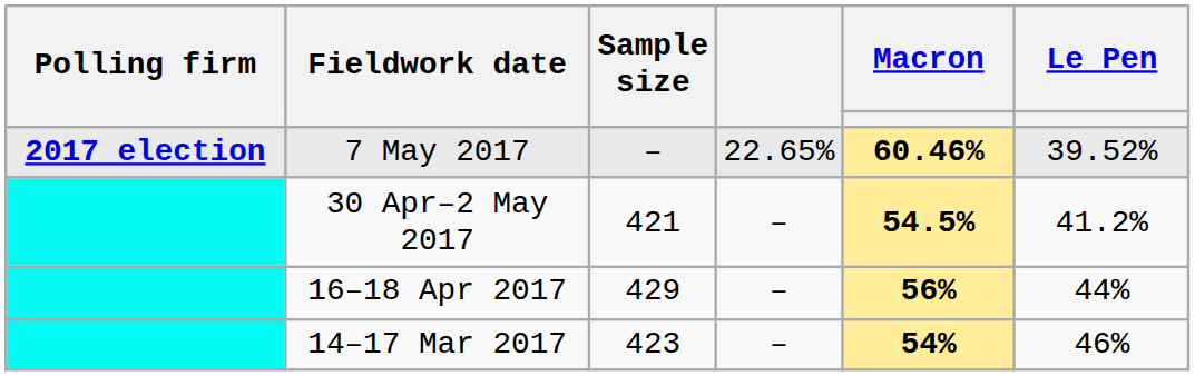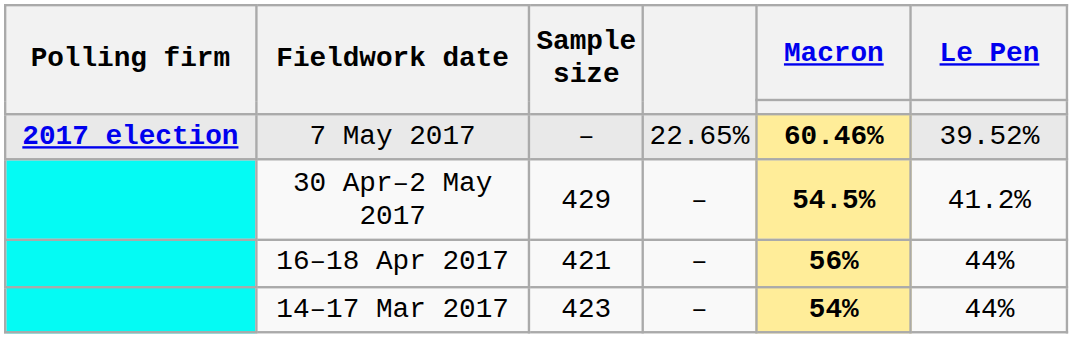 <table class="wikitable sortable" style="text-align:center;font-size:90%;line-height:14px;">
 <tr style="height:40px;">
 <th style="width:100px;" rowspan="2">Polling firm</th>
 <th style="width:110px;" rowspan="2">Fieldwork date</th>
 <th style="width:35px;" rowspan="2">Sample<br>size</th>
 <th style="width:30px;" rowspan="2"></th>
 <th class="unsortable" style="width:60px;"><a href='#'>Macron</a><br></th>
 <th class="unsortable" style="width:60px;"><a href='#'>Le Pen</a><br></th>
 </tr>
 <tr>
 <th style="background:"></th>
 <th style="background:"></th>
 </tr>
 <tr style="background:#E9E9E9;">
 <td><strong><a href='#'>2017 election</a></strong></td>
 <td data-sort-value="2017-05-07">7 May 2017</td>
 <td>–</td>
 <td>22.65%</td>
 <td style="background:#FFED99;"><strong>60.46%</strong></td>
 <td>39.52%</td>
 </tr>
 <tr>
 <td style="background:#04FBF4;"></td>
 <td data-sort-value="2017-05-02">30 Apr–2 May 2017</td>
-<td>421</td>
+<td>429</td>
 <td>–</td>
 <td style="background:#FFED99;"><strong>54.5%</strong></td>
 <td>41.2%</td>
 </tr>
 <tr>
 <td style="background:#04FBF4;"></td>
 <td data-sort-value="2017-04-18">16–18 Apr 2017</td>
-<td>429</td>
+<td>421</td>
 <td>–</td>
 <td style="background:#FFED99;"><strong>56%</strong></td>
 <td>44%</td>
 </tr>
 <tr>
 <td style="background:#04FBF4;"></td>
 <td data-sort-value="2017-03-17">14–17 Mar 2017</td>
 <td>423</td>
 <td>–</td>
 <td style="background:#FFED99;"><strong>54%</strong></td>
-<td>46%</td>
+<td>44%</td>
 </tr>
 </table>
